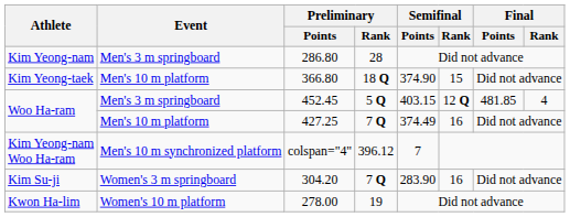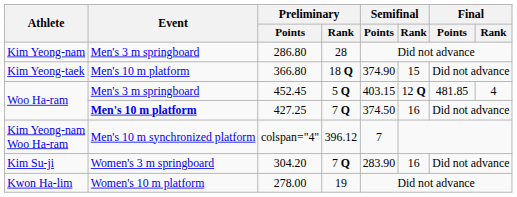 <table class=wikitable style="font-size:90%; text-align:center">
 <tr>
 <th rowspan="2">Athlete</th>
 <th rowspan="2">Event</th>
 <th colspan="2">Preliminary</th>
 <th colspan="2">Semifinal</th>
 <th colspan="2">Final</th>
 </tr>
 <tr style="font-size:95%">
 <th>Points</th>
 <th>Rank</th>
 <th>Points</th>
 <th>Rank</th>
 <th>Points</th>
 <th>Rank</th>
 </tr>
 <tr>
 <td style="text-align:left"><a href='#'>Kim Yeong-nam</a></td>
 <td style="text-align:left"><a href='#'>Men's 3 m springboard</a></td>
 <td>286.80</td>
 <td>28</td>
 <td colspan="4">Did not advance</td>
 </tr>
 <tr>
 <td style="text-align:left"><a href='#'>Kim Yeong-taek</a></td>
 <td style="text-align:left"><a href='#'>Men's 10 m platform</a></td>
 <td>366.80</td>
 <td>18 <strong>Q</strong></td>
 <td>374.90</td>
 <td>15</td>
 <td colspan="2">Did not advance</td>
 </tr>
 <tr>
 <td style="text-align:left" rowspan=2><a href='#'>Woo Ha-ram</a></td>
 <td style="text-align:left"><a href='#'>Men's 3 m springboard</a></td>
 <td>452.45</td>
 <td>5 <strong>Q</strong></td>
 <td>403.15</td>
 <td>12 <strong>Q</strong></td>
 <td>481.85</td>
 <td>4</td>
 </tr>
 <tr>
-<td style="text-align:left"><a href='#'>Men's 10 m platform</a></td>
+<td style="text-align:left"><strong><a href='#'>Men's 10 m platform</a></strong></td>
 <td>427.25</td>
 <td>7 <strong>Q</strong></td>
-<td>374.49</td>
+<td>374.50</td>
 <td>16</td>
 <td colspan="2">Did not advance</td>
 </tr>
 <tr>
 <td style="text-align:left"><a href='#'>Kim Yeong-nam</a><br><a href='#'>Woo Ha-ram</a></td>
 <td style="text-align:left"><a href='#'>Men's 10 m synchronized platform</a></td>
 <td>colspan="4" </td>
 <td>396.12</td>
 <td>7</td>
 </tr>
 <tr>
 <td style="text-align:left"><a href='#'>Kim Su-ji</a></td>
 <td style="text-align:left"><a href='#'>Women's 3 m springboard</a></td>
 <td>304.20</td>
 <td>7 <strong>Q</strong></td>
 <td>283.90</td>
 <td>16</td>
 <td colspan="2">Did not advance</td>
 </tr>
 <tr>
 <td style="text-align:left"><a href='#'>Kwon Ha-lim</a></td>
 <td style="text-align:left"><a href='#'>Women's 10 m platform</a></td>
 <td>278.00</td>
 <td>19</td>
 <td colspan="4">Did not advance</td>
 </tr>
 </table>
